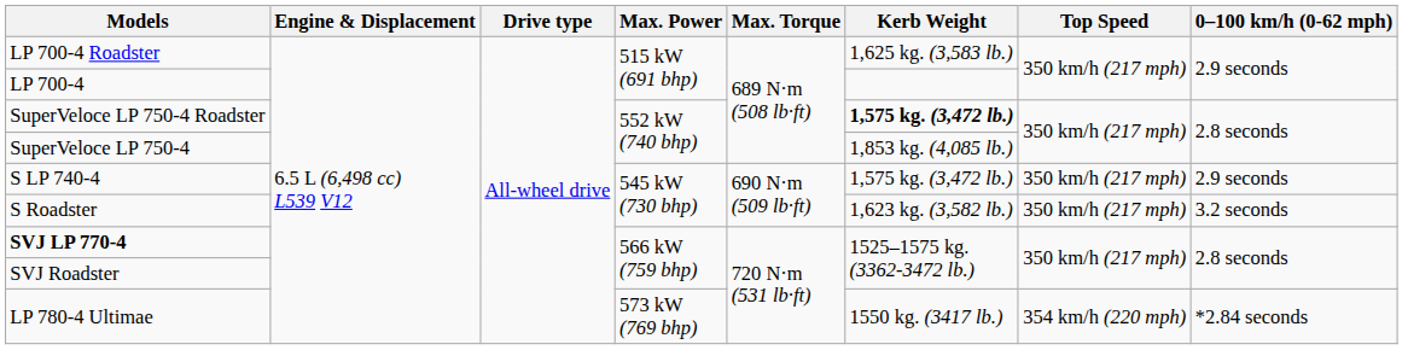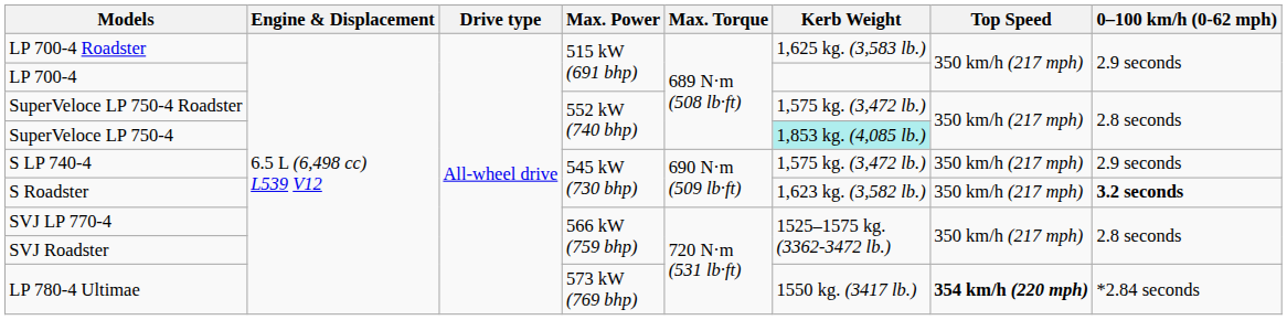 <table class="wikitable sortable mw-collapsible">
 <tr>
 <th>Models</th>
 <th>Engine & Displacement</th>
 <th>Drive type</th>
 <th>Max. Power</th>
 <th>Max. Torque</th>
 <th>Kerb Weight</th>
 <th>Top Speed</th>
 <th>0–100 km/h (0-62 mph)</th>
 </tr>
 <tr>
 <td>LP 700-4 <a href='#'>Roadster</a></td>
 <td rowspan=9>6.5 L <em>(6,498 cc)</em> <br> <em><a href='#'>L539</a> <a href='#'>V12</a></em></td>
 <td rowspan=9><a href='#'>All-wheel drive</a></td>
 <td rowspan=2>515 kW <br> <em>(691 bhp)</em></td>
 <td rowspan=4>689 N·m <br> <em>(508 lb·ft)</em></td>
 <td>1,625 kg. <em>(3,583 lb.)</em></td>
 <td rowspan=2>350 km/h <em>(217 mph)</em></td>
 <td rowspan=2>2.9 seconds</td>
 </tr>
 <tr>
 <td>LP 700-4</td>
 <td></td>
 </tr>
 <tr>
 <td>SuperVeloce LP 750-4 Roadster</td>
 <td rowspan=2>552 kW <br> <em>(740 bhp)</em></td>
-<td><strong>1,575 kg. <em>(3,472 lb.)</em></strong></td>
+<td>1,575 kg. <em>(3,472 lb.)</em></td>
 <td rowspan=2>350 km/h <em>(217 mph)</em></td>
 <td rowspan=2>2.8 seconds</td>
 </tr>
 <tr>
 <td>SuperVeloce LP 750-4</td>
-<td>1,853 kg. <em>(4,085 lb.)</em></td>
+<td style="background: paleturquoise;">1,853 kg. <em>(4,085 lb.)</em></td>
 </tr>
 <tr>
 <td>S LP 740-4</td>
 <td rowspan=2>545 kW <br> <em>(730 bhp)</em></td>
 <td rowspan=2>690 N·m <br> <em>(509 lb·ft)</em></td>
 <td>1,575 kg. <em>(3,472 lb.)</em></td>
 <td>350 km/h <em>(217 mph)</em></td>
 <td>2.9 seconds</td>
 </tr>
 <tr>
 <td>S Roadster</td>
 <td>1,623 kg. <em>(3,582 lb.)</em></td>
 <td>350 km/h <em>(217 mph)</em></td>
-<td>3.2 seconds</td>
+<td><strong>3.2 seconds</strong></td>
 </tr>
 <tr>
-<td><strong>SVJ LP 770-4</strong></td>
+<td>SVJ LP 770-4</td>
 <td rowspan=2>566 kW <br> <em>(759 bhp)</em></td>
 <td rowspan=3>720 N·m <br> <em>(531 lb·ft)</em></td>
 <td rowspan=2>1525–1575 kg. <br> <em>(3362-3472 lb.)</em></td>
 <td rowspan=2>350 km/h <em>(217 mph)</em></td>
 <td rowspan=2>2.8 seconds</td>
 </tr>
 <tr>
 <td>SVJ Roadster</td>
 </tr>
 <tr>
 <td>LP 780-4 Ultimae</td>
 <td>573 kW <br> <em>(769 bhp)</em></td>
 <td>1550 kg. <em>(3417 lb.)</em></td>
-<td>354 km/h <em>(220 mph)</em></td>
+<td><strong>354 km/h <em>(220 mph)</em></strong></td>
 <td>*2.84 seconds</td>
 </tr>
 </table>
